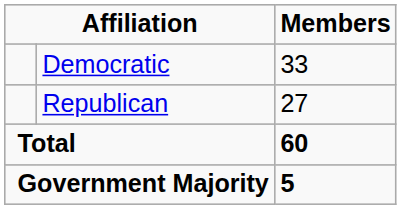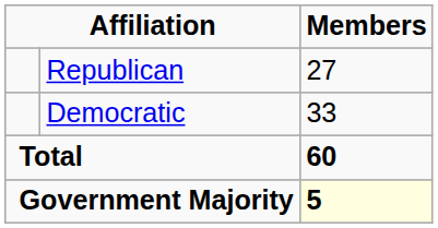 <table class="wikitable">
 <tr>
 <td colspan="2" rowspan="1" align="center" valign="top"><strong>Affiliation</strong></td>
 <td style="vertical-align:top;"><strong>Members</strong></td>
 </tr>
 <tr>
 <td style="background-color:"> </td>
-<td><a href='#'>Democratic</a></td>
-<td>33</td>
+<td><a href='#'>Republican</a></td>
+<td>27</td>
 </tr>
 <tr>
 <td style="background-color:"> </td>
-<td><a href='#'>Republican</a></td>
-<td>27</td>
+<td><a href='#'>Democratic</a></td>
+<td>33</td>
 </tr>
 <tr>
 <td colspan="2" rowspan="1"> <strong>Total</strong></td>
 <td><strong>60</strong></td>
 </tr>
 <tr>
 <td colspan="2" rowspan="1"> <strong>Government Majority</strong></td>
-<td><strong>5</strong></td>
+<td style="background: lightyellow;"><strong>5</strong></td>
 </tr>
 </table>
